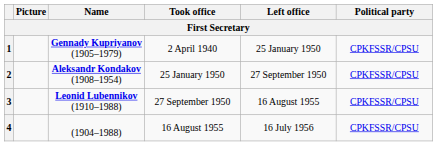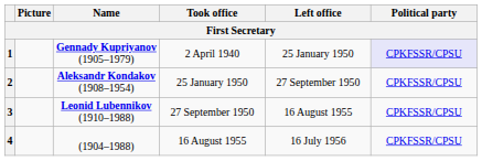 <table class="wikitable" style="text-align:center">
 <tr>
 <th></th>
 <th>Picture</th>
 <th width="150">Name<br></th>
 <th width="150">Took office</th>
 <th width="150">Left office</th>
 <th width="150">Political party</th>
 </tr>
 <tr>
 <th colspan="6" align="center">First Secretary</th>
 </tr>
 <tr>
 <th style="background:">1</th>
 <td></td>
 <td><strong><a href='#'>Gennady Kupriyanov</a></strong><br>(1905–1979)</td>
 <td>2 April 1940</td>
 <td>25 January 1950</td>
-<td><a href='#'>CPKFSSR/CPSU</a></td>
+<td style="background: lavender;"><a href='#'>CPKFSSR/CPSU</a></td>
 </tr>
 <tr>
 <th style="background:">2</th>
 <td></td>
 <td><strong><a href='#'>Aleksandr Kondakov</a></strong><br>(1908–1954)</td>
 <td>25 January 1950</td>
 <td>27 September 1950</td>
 <td><a href='#'>CPKFSSR/CPSU</a></td>
 </tr>
 <tr>
 <th style="background:">3</th>
 <td></td>
 <td><strong><a href='#'>Leonid Lubennikov</a></strong><br>(1910–1988)</td>
 <td>27 September 1950</td>
 <td>16 August 1955</td>
 <td><a href='#'>CPKFSSR/CPSU</a></td>
 </tr>
 <tr>
 <th style="background:">4</th>
 <td></td>
 <td><strong></strong><br>(1904–1988)</td>
 <td>16 August 1955</td>
 <td>16 July 1956</td>
 <td><a href='#'>CPKFSSR/CPSU</a></td>
 </tr>
 </table>
